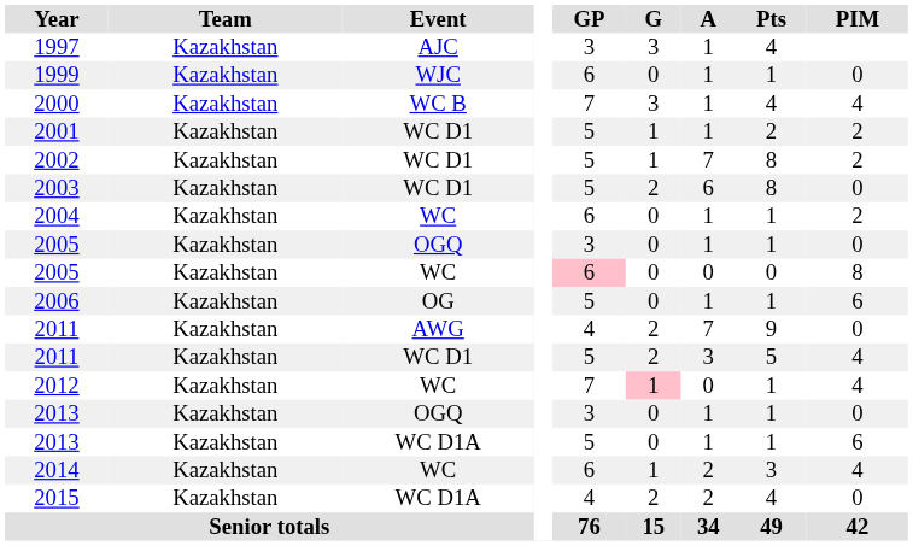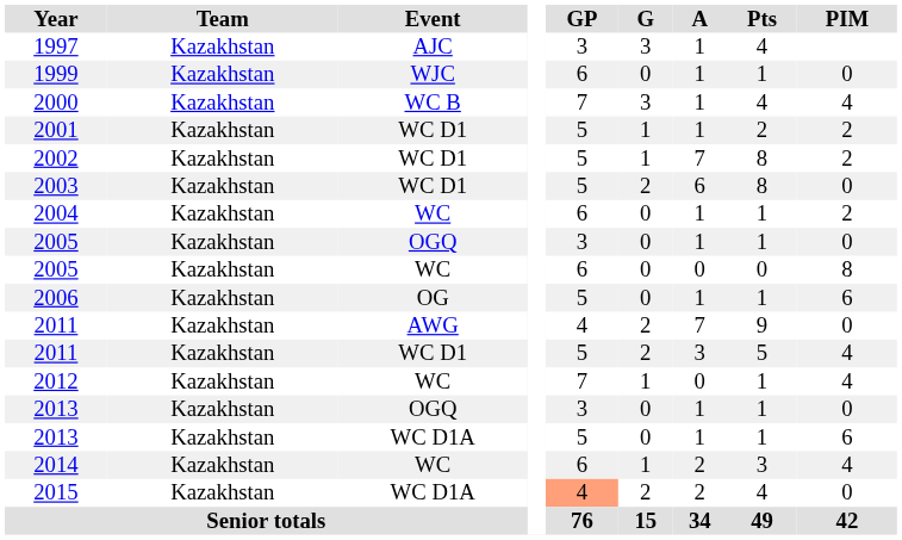 <table border="0" cellpadding="1" cellspacing="0" style="text-align:center; width:40em">
 <tr ALIGN="center" bgcolor="#e0e0e0">
 <th>Year</th>
 <th>Team</th>
 <th>Event</th>
 <th ALIGN="center" rowspan="99" bgcolor="#ffffff"> </th>
 <th>GP</th>
 <th>G</th>
 <th>A</th>
 <th>Pts</th>
 <th>PIM</th>
 </tr>
 <tr>
 <td><a href='#'>1997</a></td>
 <td><a href='#'>Kazakhstan</a></td>
 <td><a href='#'>AJC</a></td>
 <td>3</td>
 <td>3</td>
 <td>1</td>
 <td>4</td>
 <td></td>
 </tr>
 <tr bgcolor="#f0f0f0">
 <td><a href='#'>1999</a></td>
 <td><a href='#'>Kazakhstan</a></td>
 <td><a href='#'>WJC</a></td>
 <td>6</td>
 <td>0</td>
 <td>1</td>
 <td>1</td>
 <td>0</td>
 </tr>
 <tr>
 <td><a href='#'>2000</a></td>
 <td><a href='#'>Kazakhstan</a></td>
 <td><a href='#'>WC B</a></td>
 <td>7</td>
 <td>3</td>
 <td>1</td>
 <td>4</td>
 <td>4</td>
 </tr>
 <tr bgcolor="#f0f0f0">
 <td><a href='#'>2001</a></td>
 <td>Kazakhstan</td>
 <td>WC D1</td>
 <td>5</td>
 <td>1</td>
 <td>1</td>
 <td>2</td>
 <td>2</td>
 </tr>
 <tr>
 <td><a href='#'>2002</a></td>
 <td>Kazakhstan</td>
 <td>WC D1</td>
 <td>5</td>
 <td>1</td>
 <td>7</td>
 <td>8</td>
 <td>2</td>
 </tr>
 <tr bgcolor="#f0f0f0">
 <td><a href='#'>2003</a></td>
 <td>Kazakhstan</td>
 <td>WC D1</td>
 <td>5</td>
 <td>2</td>
 <td>6</td>
 <td>8</td>
 <td>0</td>
 </tr>
 <tr>
 <td><a href='#'>2004</a></td>
 <td>Kazakhstan</td>
 <td><a href='#'>WC</a></td>
 <td>6</td>
 <td>0</td>
 <td>1</td>
 <td>1</td>
 <td>2</td>
 </tr>
 <tr bgcolor="#f0f0f0">
 <td><a href='#'>2005</a></td>
 <td>Kazakhstan</td>
 <td><a href='#'>OGQ</a></td>
 <td>3</td>
 <td>0</td>
 <td>1</td>
 <td>1</td>
 <td>0</td>
 </tr>
 <tr>
 <td><a href='#'>2005</a></td>
 <td>Kazakhstan</td>
 <td>WC</td>
-<td style="background: pink;">6</td>
+<td>6</td>
 <td>0</td>
 <td>0</td>
 <td>0</td>
 <td>8</td>
 </tr>
 <tr bgcolor="#f0f0f0">
 <td><a href='#'>2006</a></td>
 <td>Kazakhstan</td>
 <td>OG</td>
 <td>5</td>
 <td>0</td>
 <td>1</td>
 <td>1</td>
 <td>6</td>
 </tr>
 <tr>
 <td><a href='#'>2011</a></td>
 <td>Kazakhstan</td>
 <td><a href='#'>AWG</a></td>
 <td>4</td>
 <td>2</td>
 <td>7</td>
 <td>9</td>
 <td>0</td>
 </tr>
 <tr bgcolor="#f0f0f0">
 <td><a href='#'>2011</a></td>
 <td>Kazakhstan</td>
 <td>WC D1</td>
 <td>5</td>
 <td>2</td>
 <td>3</td>
 <td>5</td>
 <td>4</td>
 </tr>
 <tr>
 <td><a href='#'>2012</a></td>
 <td>Kazakhstan</td>
 <td>WC</td>
 <td>7</td>
-<td style="background: pink;">1</td>
+<td>1</td>
 <td>0</td>
 <td>1</td>
 <td>4</td>
 </tr>
 <tr bgcolor="#f0f0f0">
 <td><a href='#'>2013</a></td>
 <td>Kazakhstan</td>
 <td>OGQ</td>
 <td>3</td>
 <td>0</td>
 <td>1</td>
 <td>1</td>
 <td>0</td>
 </tr>
 <tr>
 <td><a href='#'>2013</a></td>
 <td>Kazakhstan</td>
 <td>WC D1A</td>
 <td>5</td>
 <td>0</td>
 <td>1</td>
 <td>1</td>
 <td>6</td>
 </tr>
 <tr bgcolor="#f0f0f0">
 <td><a href='#'>2014</a></td>
 <td>Kazakhstan</td>
 <td>WC</td>
 <td>6</td>
 <td>1</td>
 <td>2</td>
 <td>3</td>
 <td>4</td>
 </tr>
 <tr>
 <td><a href='#'>2015</a></td>
 <td>Kazakhstan</td>
 <td>WC D1A</td>
-<td>4</td>
+<td style="background: lightsalmon;">4</td>
 <td>2</td>
 <td>2</td>
 <td>4</td>
 <td>0</td>
 </tr>
 <tr bgcolor="#e0e0e0">
 <th colspan="3">Senior totals</th>
 <th>76</th>
 <th>15</th>
 <th>34</th>
 <th>49</th>
 <th>42</th>
 </tr>
 </table>
